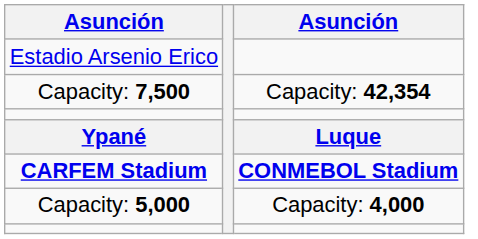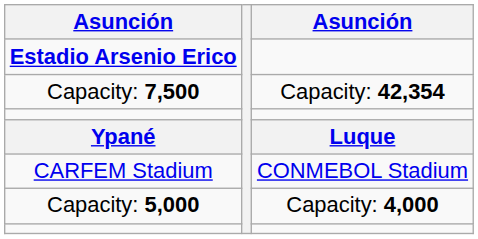 <table class="wikitable" style="text-align:center">
 <tr>
 <th><a href='#'>Asunción</a></th>
 <th rowspan=8></th>
 <th><a href='#'>Asunción</a></th>
 </tr>
 <tr>
-<td><a href='#'>Estadio Arsenio Erico</a></td>
+<td><strong><a href='#'>Estadio Arsenio Erico</a></strong></td>
 <td></td>
 </tr>
 <tr>
 <td>Capacity: <strong>7,500</strong></td>
 <td>Capacity: <strong>42,354</strong></td>
 </tr>
 <tr>
 <td></td>
 <td></td>
 </tr>
 <tr>
 <th><a href='#'>Ypané</a></th>
 <th><a href='#'>Luque</a></th>
 </tr>
 <tr>
-<td><strong><a href='#'>CARFEM Stadium</a></strong></td>
-<td><strong><a href='#'>CONMEBOL Stadium</a></strong></td>
+<td><a href='#'>CARFEM Stadium</a></td>
+<td><a href='#'>CONMEBOL Stadium</a></td>
 </tr>
 <tr>
 <td>Capacity: <strong>5,000</strong></td>
 <td>Capacity: <strong>4,000</strong></td>
 </tr>
 <tr>
 <td></td>
 <td></td>
 </tr>
 </table>
